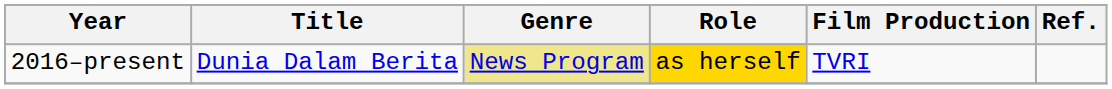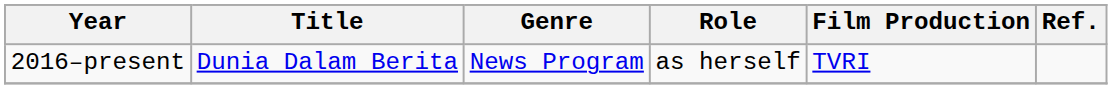 <table class="wikitable" style="font-size: 95%;">
 <tr>
 <th>Year</th>
 <th>Title</th>
 <th>Genre</th>
 <th>Role</th>
 <th>Film Production</th>
 <th>Ref.</th>
 </tr>
 <tr>
 <td>2016–present</td>
 <td><a href='#'>Dunia Dalam Berita</a></td>
-<td style="background: khaki;"><a href='#'>News Program</a></td>
-<td style="background: gold;">as herself</td>
+<td><a href='#'>News Program</a></td>
+<td>as herself</td>
 <td><a href='#'>TVRI</a></td>
 <td></td>
 </tr>
 <tr>
 </tr>
 </table>
